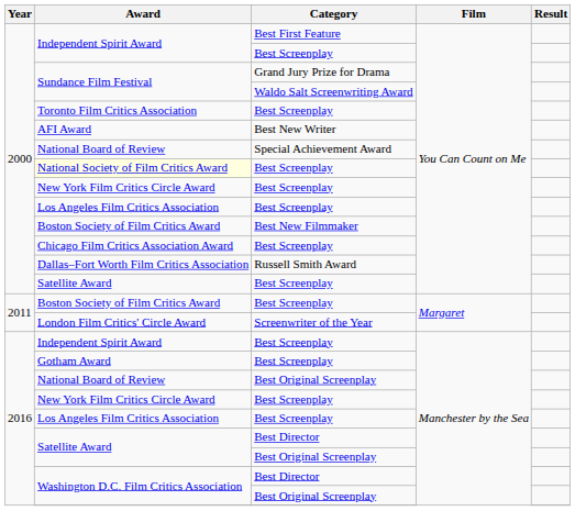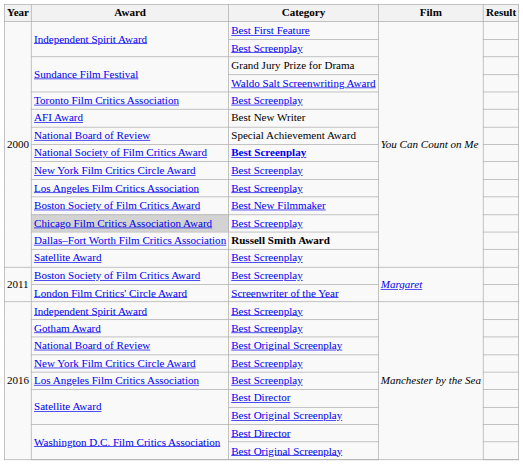 <table class="wikitable unsortable">
 <tr>
 <th>Year</th>
 <th>Award</th>
 <th>Category</th>
 <th>Film</th>
 <th>Result</th>
 </tr>
 <tr>
 <td rowspan=14>2000</td>
 <td rowspan=2><a href='#'>Independent Spirit Award</a></td>
 <td><a href='#'>Best First Feature</a></td>
 <td rowspan=14><em>You Can Count on Me</em></td>
 <td></td>
 </tr>
 <tr>
 <td><a href='#'>Best Screenplay</a></td>
 <td></td>
 </tr>
 <tr>
 <td rowspan=2><a href='#'>Sundance Film Festival</a></td>
 <td>Grand Jury Prize for Drama</td>
 <td></td>
 </tr>
 <tr>
 <td><a href='#'>Waldo Salt Screenwriting Award</a></td>
 <td></td>
 </tr>
 <tr>
 <td><a href='#'>Toronto Film Critics Association</a></td>
 <td><a href='#'>Best Screenplay</a></td>
 <td></td>
 </tr>
 <tr>
 <td><a href='#'>AFI Award</a></td>
 <td>Best New Writer</td>
 <td></td>
 </tr>
 <tr>
 <td><a href='#'>National Board of Review</a></td>
 <td>Special Achievement Award</td>
 <td></td>
 </tr>
 <tr>
-<td style="background: lightyellow;"><a href='#'>National Society of Film Critics Award</a></td>
-<td><a href='#'>Best Screenplay</a></td>
+<td><a href='#'>National Society of Film Critics Award</a></td>
+<td><strong><a href='#'>Best Screenplay</a></strong></td>
 <td></td>
 </tr>
 <tr>
 <td><a href='#'>New York Film Critics Circle Award</a></td>
 <td><a href='#'>Best Screenplay</a></td>
 <td></td>
 </tr>
 <tr>
 <td><a href='#'>Los Angeles Film Critics Association</a></td>
 <td><a href='#'>Best Screenplay</a></td>
 <td></td>
 </tr>
 <tr>
 <td><a href='#'>Boston Society of Film Critics Award</a></td>
 <td><a href='#'>Best New Filmmaker</a></td>
 <td></td>
 </tr>
 <tr>
-<td><a href='#'>Chicago Film Critics Association Award</a></td>
+<td style="background: lightgrey;"><a href='#'>Chicago Film Critics Association Award</a></td>
 <td><a href='#'>Best Screenplay</a></td>
 <td></td>
 </tr>
 <tr>
 <td><a href='#'>Dallas–Fort Worth Film Critics Association</a></td>
-<td>Russell Smith Award</td>
+<td><strong>Russell Smith Award</strong></td>
 <td></td>
 </tr>
 <tr>
 <td><a href='#'>Satellite Award</a></td>
 <td><a href='#'>Best Screenplay</a></td>
 <td></td>
 </tr>
 <tr>
 <td rowspan=2>2011</td>
 <td><a href='#'>Boston Society of Film Critics Award</a></td>
 <td><a href='#'>Best Screenplay</a></td>
 <td rowspan=2><em><a href='#'>Margaret</a></em></td>
 <td></td>
 </tr>
 <tr>
 <td><a href='#'>London Film Critics' Circle Award</a></td>
 <td><a href='#'>Screenwriter of the Year</a></td>
 <td></td>
 </tr>
 <tr>
 <td rowspan=11>2016</td>
 <td><a href='#'>Independent Spirit Award</a></td>
 <td><a href='#'>Best Screenplay</a></td>
 <td rowspan=11><em>Manchester by the Sea</em></td>
 <td></td>
 </tr>
 <tr>
 <td><a href='#'>Gotham Award</a></td>
 <td><a href='#'>Best Screenplay</a></td>
 <td></td>
 </tr>
 <tr>
 <td><a href='#'>National Board of Review</a></td>
 <td><a href='#'>Best Original Screenplay</a></td>
 <td></td>
 </tr>
 <tr>
 <td><a href='#'>New York Film Critics Circle Award</a></td>
 <td><a href='#'>Best Screenplay</a></td>
 <td></td>
 </tr>
 <tr>
 <td><a href='#'>Los Angeles Film Critics Association</a></td>
 <td><a href='#'>Best Screenplay</a></td>
 <td></td>
 </tr>
 <tr>
 <td rowspan=2><a href='#'>Satellite Award</a></td>
 <td><a href='#'>Best Director</a></td>
 <td></td>
 </tr>
 <tr>
 <td><a href='#'>Best Original Screenplay</a></td>
 <td></td>
 </tr>
 <tr>
 <td rowspan=2><a href='#'>Washington D.C. Film Critics Association</a></td>
 <td><a href='#'>Best Director</a></td>
 <td></td>
 </tr>
 <tr>
 <td><a href='#'>Best Original Screenplay</a></td>
 <td></td>
 </tr>
 <tr>
 </tr>
 </table>
